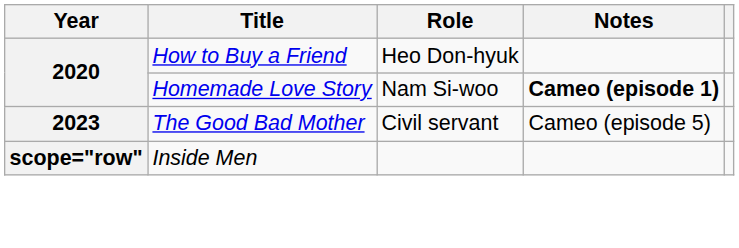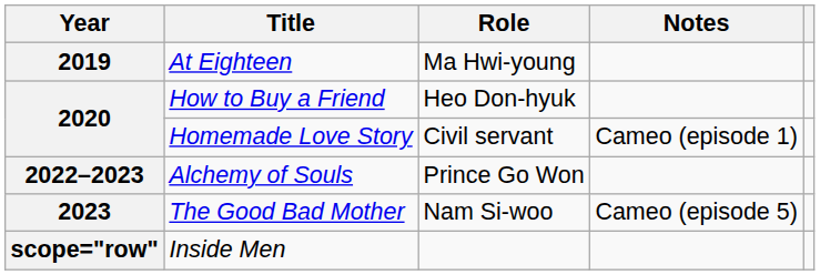 <table class="wikitable sortable plainrowheaders">
 <tr>
 <th scope="col">Year</th>
 <th scope="col">Title</th>
 <th scope="col">Role</th>
 <th scope="col">Notes</th>
 <th scope="col" class="unsortable"></th>
+</tr>
+<tr>
+<th scope="row">2019</th>
+<td><em><a href='#'>At Eighteen</a></em></td>
+<td>Ma Hwi-young</td>
+<td></td>
+<td style="text-align:center"></td>
 </tr>
 <tr>
 <th scope="row" rowspan=2>2020</th>
 <td><em><a href='#'>How to Buy a Friend</a></em></td>
 <td>Heo Don-hyuk</td>
 <td></td>
 <td align=center></td>
 </tr>
 <tr>
 <td><em><a href='#'>Homemade Love Story</a> </em></td>
-<td>Nam Si-woo</td>
-<td><strong>Cameo (episode 1)</strong></td>
+<td>Civil servant</td>
+<td>Cameo (episode 1)</td>
 <td></td>
+</tr>
+<tr>
+<th scope="row">2022–2023</th>
+<td><em><a href='#'>Alchemy of Souls</a></em></td>
+<td>Prince Go Won</td>
+<td></td>
+<td align=center></td>
 </tr>
 <tr>
 <th scope="row">2023</th>
 <td><em><a href='#'>The Good Bad Mother</a></em></td>
-<td>Civil servant</td>
+<td>Nam Si-woo</td>
 <td>Cameo (episode 5)</td>
 <td style="text-align:center"></td>
 </tr>
 <tr>
 <th>scope="row" </th>
 <td><em>Inside Men</em></td>
 <td></td>
 <td></td>
 <td style="text-align:center"></td>
 </tr>
 </table>
